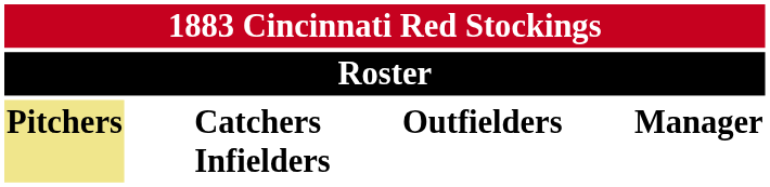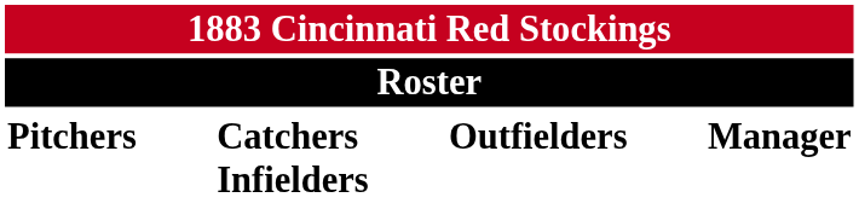 <table class="toccolours" style="font-size: 95%;">
 <tr>
 <th colspan="10" style="background-color: #c6011f; color: white; text-align: center;">1883 Cincinnati Red Stockings</th>
 </tr>
 <tr>
 <td colspan="10" style="background-color: black; color: white; text-align: center;"><strong>Roster</strong></td>
 </tr>
 <tr>
-<td valign="top" style="background: khaki;"><strong>Pitchers</strong><br>   </td>
+<td valign="top"><strong>Pitchers</strong><br>   </td>
 <td width="25px"></td>
 <td valign="top"><strong>Catchers</strong><br>  <strong>Infielders</strong>    </td>
 <td width="25px"></td>
 <td valign="top"><strong>Outfielders</strong><br>     </td>
 <td width="25px"></td>
 <td valign="top"><strong>Manager</strong><br></td>
 </tr>
 </table>
